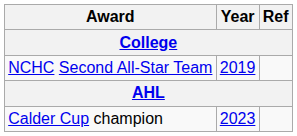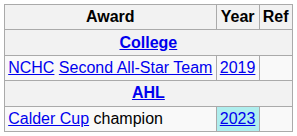 <table class="wikitable">
 <tr>
 <th>Award</th>
 <th>Year</th>
 <th>Ref</th>
 </tr>
 <tr>
 <th colspan="3"><a href='#'>College</a></th>
 </tr>
 <tr>
 <td><a href='#'>NCHC</a> <a href='#'>Second All-Star Team</a></td>
 <td><a href='#'>2019</a></td>
 <td></td>
 </tr>
 <tr>
 <th colspan="3"><a href='#'>AHL</a></th>
 </tr>
 <tr>
 <td><a href='#'>Calder Cup</a> champion</td>
-<td><a href='#'>2023</a></td>
+<td style="background: paleturquoise;"><a href='#'>2023</a></td>
 <td></td>
 </tr>
 </table>
